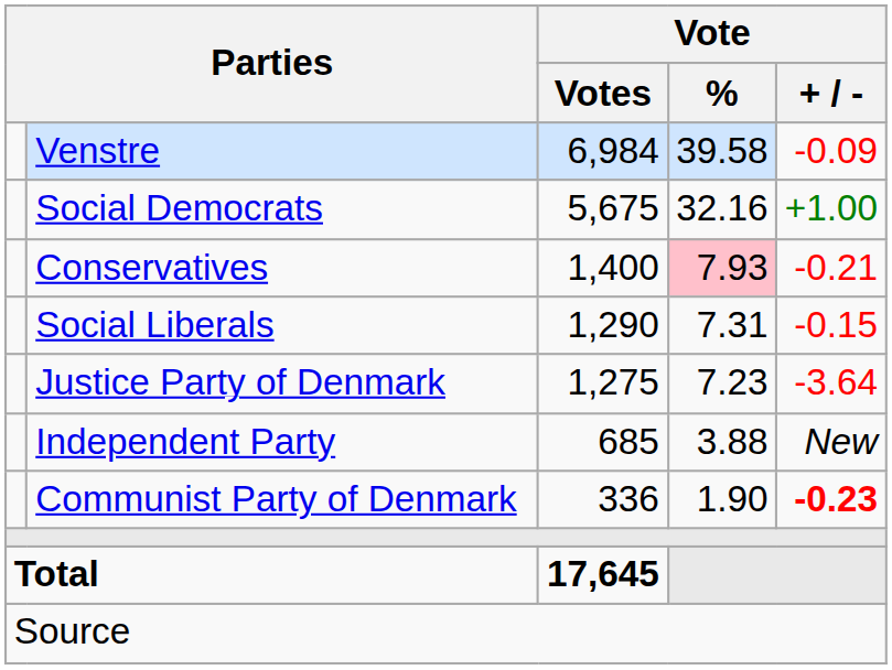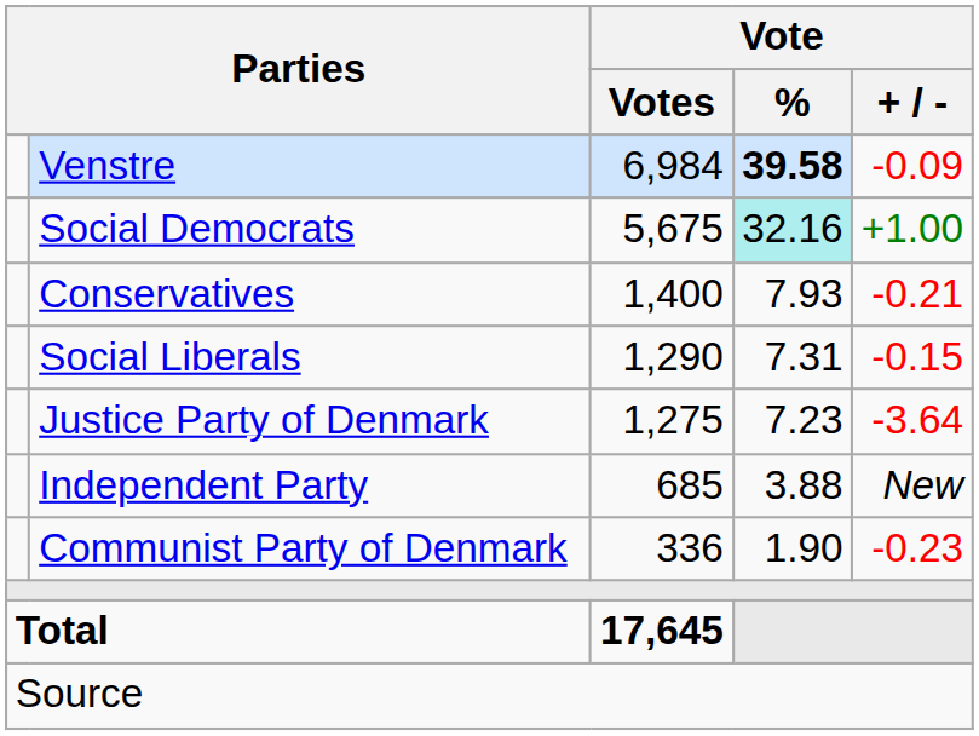 <table class="wikitable" style="text-align:right;">
 <tr>
 <th style="text-align:centre;" rowspan="2" colspan="2" width="225">Parties</th>
 <th colspan="3">Vote</th>
 </tr>
 <tr>
 <th width="15">Votes</th>
 <th width="15">%</th>
 <th width="15">+ / -</th>
 </tr>
 <tr>
 <td width="2" style="color:inherit;background:"></td>
 <td bgcolor=#cfe5fe  align="left"><a href='#'>Venstre</a></td>
 <td bgcolor=#cfe5fe>6,984</td>
-<td bgcolor=#cfe5fe>39.58</td>
+<td bgcolor=#cfe5fe><strong>39.58</strong></td>
 <td style=color:red;>-0.09</td>
 </tr>
 <tr>
 <td width="2" style="color:inherit;background:"></td>
 <td align="left"><a href='#'>Social Democrats</a></td>
 <td>5,675</td>
-<td>32.16</td>
+<td style="background: paleturquoise;">32.16</td>
 <td style=color:green;>+1.00</td>
 </tr>
 <tr>
 <td width="2" style="color:inherit;background:"></td>
 <td align="left"><a href='#'>Conservatives</a></td>
 <td>1,400</td>
-<td style="background: pink;">7.93</td>
+<td>7.93</td>
 <td style=color:red;>-0.21</td>
 </tr>
 <tr>
 <td width="2" style="color:inherit;background:"></td>
 <td align="left"><a href='#'>Social Liberals</a></td>
 <td>1,290</td>
 <td>7.31</td>
 <td style=color:red;>-0.15</td>
 </tr>
 <tr>
 <td width="2" style="color:inherit;background:"></td>
 <td align="left"><a href='#'>Justice Party of Denmark</a></td>
 <td>1,275</td>
 <td>7.23</td>
 <td style=color:red;>-3.64</td>
 </tr>
 <tr>
 <td width="2" style="color:inherit;background:"></td>
 <td align="left"><a href='#'>Independent Party</a></td>
 <td>685</td>
 <td>3.88</td>
 <td><em>New</em></td>
 </tr>
 <tr>
 <td width="2" style="color:inherit;background:"></td>
 <td align="left"><a href='#'>Communist Party of Denmark</a></td>
 <td>336</td>
 <td>1.90</td>
-<td style=color:red;><strong>-0.23</strong></td>
+<td style=color:red;>-0.23</td>
 </tr>
 <tr>
 <td colspan="7" bgcolor="#E9E9E9"></td>
 </tr>
 <tr>
 <td align="left" colspan="2"><strong>Total</strong></td>
 <td><strong>17,645</strong></td>
 <td bgcolor="#E9E9E9" colspan="2"></td>
 </tr>
 <tr>
 <td align="left" colspan="6">Source</td>
 </tr>
 </table>
